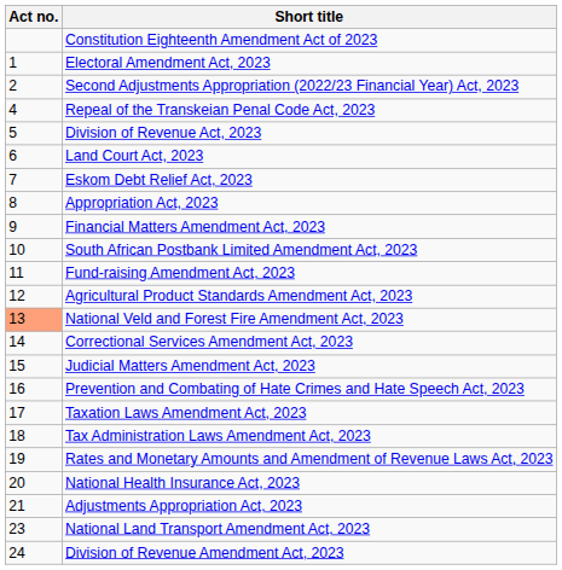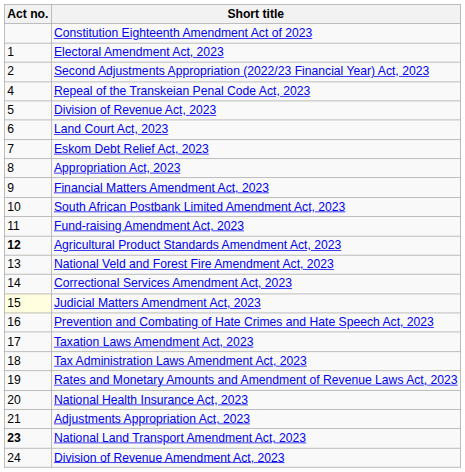 <table class="wikitable sortable">
 <tr>
 <th>Act no.</th>
 <th>Short title</th>
 </tr>
 <tr>
 <td></td>
 <td><a href='#'>Constitution Eighteenth Amendment Act of 2023</a></td>
 </tr>
 <tr>
 <td>1</td>
 <td><a href='#'>Electoral Amendment Act, 2023</a></td>
 </tr>
 <tr>
 <td>2</td>
 <td><a href='#'>Second Adjustments Appropriation (2022/23 Financial Year) Act, 2023</a></td>
 </tr>
 <tr>
 <td>4</td>
 <td><a href='#'>Repeal of the Transkeian Penal Code Act, 2023</a></td>
 </tr>
 <tr>
 <td>5</td>
 <td><a href='#'>Division of Revenue Act, 2023</a></td>
 </tr>
 <tr>
 <td>6</td>
 <td><a href='#'>Land Court Act, 2023</a></td>
 </tr>
 <tr>
 <td>7</td>
 <td><a href='#'>Eskom Debt Relief Act, 2023</a></td>
 </tr>
 <tr>
 <td>8</td>
 <td><a href='#'>Appropriation Act, 2023</a></td>
 </tr>
 <tr>
 <td>9</td>
 <td><a href='#'>Financial Matters Amendment Act, 2023</a></td>
 </tr>
 <tr>
 <td>10</td>
 <td><a href='#'>South African Postbank Limited Amendment Act, 2023</a></td>
 </tr>
 <tr>
 <td>11</td>
 <td><a href='#'>Fund-raising Amendment Act, 2023</a></td>
 </tr>
 <tr>
-<td>12</td>
+<td><strong>12</strong></td>
 <td><a href='#'>Agricultural Product Standards Amendment Act, 2023</a></td>
 </tr>
 <tr>
-<td style="background: lightsalmon;">13</td>
+<td>13</td>
 <td><a href='#'>National Veld and Forest Fire Amendment Act, 2023</a></td>
 </tr>
 <tr>
 <td>14</td>
 <td><a href='#'>Correctional Services Amendment Act, 2023</a></td>
 </tr>
 <tr>
-<td>15</td>
+<td style="background: lightyellow;">15</td>
 <td><a href='#'>Judicial Matters Amendment Act, 2023</a></td>
 </tr>
 <tr>
 <td>16</td>
 <td><a href='#'>Prevention and Combating of Hate Crimes and Hate Speech Act, 2023</a></td>
 </tr>
 <tr>
 <td>17</td>
 <td><a href='#'>Taxation Laws Amendment Act, 2023</a></td>
 </tr>
 <tr>
 <td>18</td>
 <td><a href='#'>Tax Administration Laws Amendment Act, 2023</a></td>
 </tr>
 <tr>
 <td>19</td>
 <td><a href='#'>Rates and Monetary Amounts and Amendment of Revenue Laws Act, 2023</a></td>
 </tr>
 <tr>
 <td>20</td>
 <td><a href='#'>National Health Insurance Act, 2023</a></td>
 </tr>
 <tr>
 <td>21</td>
 <td><a href='#'>Adjustments Appropriation Act, 2023</a></td>
 </tr>
 <tr>
-<td>23</td>
+<td><strong>23</strong></td>
 <td><a href='#'>National Land Transport Amendment Act, 2023</a></td>
 </tr>
 <tr>
 <td>24</td>
 <td><a href='#'>Division of Revenue Amendment Act, 2023</a></td>
 </tr>
 </table>
